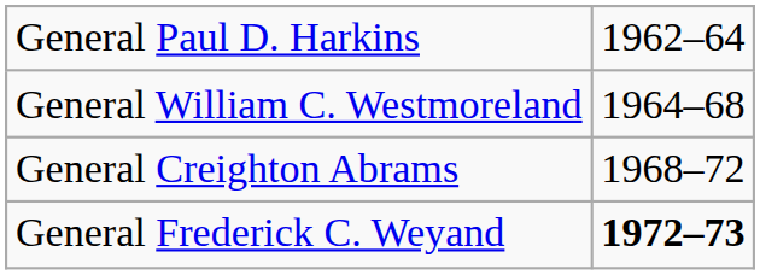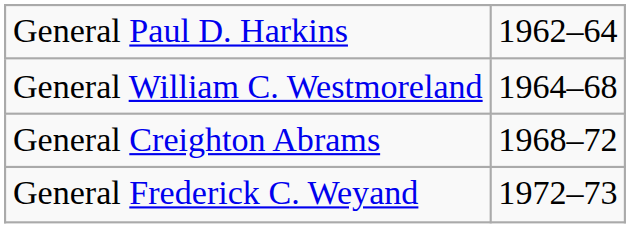 <table class="wikitable">
 <tr>
 <td>General <a href='#'>Paul D. Harkins</a></td>
 <td>1962–64</td>
 </tr>
 <tr>
 <td>General <a href='#'>William C. Westmoreland</a></td>
 <td>1964–68</td>
 </tr>
 <tr>
 <td>General <a href='#'>Creighton Abrams</a></td>
 <td>1968–72</td>
 </tr>
 <tr>
 <td>General <a href='#'>Frederick C. Weyand</a></td>
-<td><strong>1972–73</strong></td>
+<td>1972–73</td>
 </tr>
 </table>
